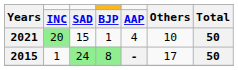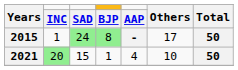 <table class="wikitable" style="text-align:center">
 <tr>
 <th rowspan=2>Years</th>
 <td></td>
 <td></td>
 <td bgcolor=#FBB917></td>
 <td></td>
 <th rowspan=2>Others</th>
 <th rowspan=2>Total</th>
 </tr>
 <tr>
 <th><a href='#'>INC</a></th>
 <th><a href='#'>SAD</a></th>
 <th><a href='#'>BJP</a></th>
 <th><a href='#'>AAP</a></th>
 </tr>
 <tr>
+<th>2015</th>
+<td>1</td>
+<td bgcolor="lightgreen">24</td>
+<td bgcolor="lightgreen">8</td>
+<th>-</th>
+<td>17</td>
+<th>50</th>
+</tr>
+<tr>
 <th>2021</th>
 <td bgcolor="lightgreen">20</td>
 <td>15</td>
 <td>1</td>
 <td>4</td>
 <td>10</td>
 <th>50</th>
 </tr>
 <tr>
-<th>2015</th>
-<td>1</td>
-<td bgcolor="lightgreen">24</td>
-<td bgcolor="lightgreen">8</td>
-<th>-</th>
-<td>17</td>
-<th>50</th>
-</tr>
-<tr>
 </tr>
 </table>
